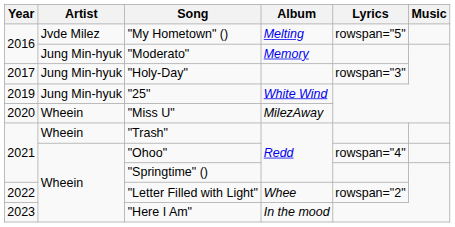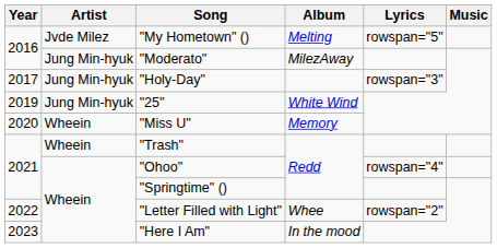 <table class="wikitable sortable">
 <tr>
 <th scope="col">Year</th>
 <th scope="col">Artist</th>
 <th>Song</th>
 <th>Album</th>
 <th>Lyrics</th>
 <th>Music</th>
 </tr>
 <tr>
 <td rowspan="2">2016</td>
 <td>Jvde Milez </td>
 <td>"My Hometown" ()</td>
 <td><em><a href='#'>Melting</a></em></td>
 <td>rowspan="5" </td>
 <td></td>
 </tr>
 <tr>
 <td>Jung Min-hyuk </td>
 <td>"Moderato"</td>
-<td><em><a href='#'>Memory</a></em></td>
+<td><em>MilezAway</em></td>
 <td></td>
 </tr>
 <tr>
 <td>2017</td>
 <td>Jung Min-hyuk </td>
 <td>"Holy-Day"</td>
 <td></td>
 <td>rowspan="3"</td>
 </tr>
 <tr>
 <td>2019</td>
 <td>Jung Min-hyuk </td>
 <td>"25"</td>
 <td><em><a href='#'>White Wind</a></em></td>
 </tr>
 <tr>
 <td>2020</td>
 <td>Wheein </td>
 <td>"Miss U"</td>
-<td><em>MilezAway</em></td>
+<td><em><a href='#'>Memory</a></em></td>
 </tr>
 <tr>
 <td rowspan="3">2021</td>
 <td>Wheein </td>
 <td>"Trash"</td>
 <td rowspan="3"><em><a href='#'>Redd</a></em></td>
 <td></td>
 <td></td>
 </tr>
 <tr>
 <td rowspan="4">Wheein</td>
 <td>"Ohoo"</td>
 <td>rowspan="4" </td>
 <td></td>
 </tr>
 <tr>
 <td>"Springtime" ()</td>
 <td></td>
 </tr>
 <tr>
 <td>2022</td>
 <td>"Letter Filled with Light"</td>
 <td><em>Whee</em></td>
 <td>rowspan="2" </td>
 </tr>
 <tr>
 <td>2023</td>
 <td>"Here I Am"</td>
 <td><em>In the mood</em></td>
 </tr>
 </table>
